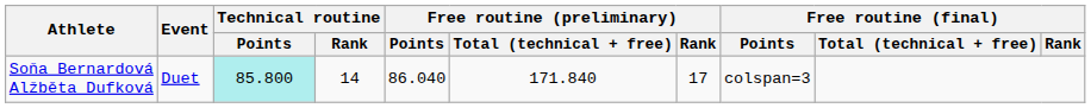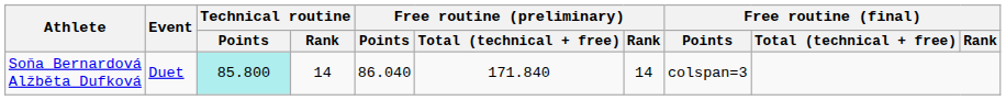 <table class="wikitable" style="font-size:90%">
 <tr>
 <th rowspan="2">Athlete</th>
 <th rowspan="2">Event</th>
 <th colspan=2>Technical routine</th>
 <th colspan=3>Free routine (preliminary)</th>
 <th colspan=3>Free routine (final)</th>
 </tr>
 <tr style="font-size:95%">
 <th>Points</th>
 <th>Rank</th>
 <th>Points</th>
 <th>Total (technical + free)</th>
 <th>Rank</th>
 <th>Points</th>
 <th>Total (technical + free)</th>
 <th>Rank</th>
 </tr>
 <tr align=center>
 <td align=left><a href='#'>Soňa Bernardová</a><br><a href='#'>Alžběta Dufková</a></td>
 <td align=left><a href='#'>Duet</a></td>
 <td style="background: paleturquoise;">85.800</td>
 <td>14</td>
 <td>86.040</td>
 <td>171.840</td>
-<td>17</td>
+<td>14</td>
 <td>colspan=3 </td>
 </tr>
 </table>
